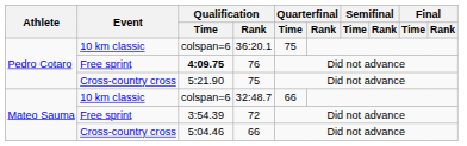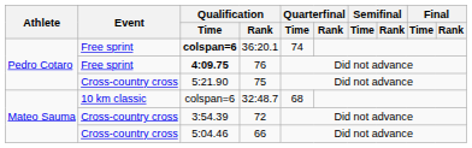 <table class="wikitable" style="font-size:90%">
 <tr>
 <th rowspan="2">Athlete</th>
 <th rowspan="2">Event</th>
 <th colspan="2">Qualification</th>
 <th colspan="2">Quarterfinal</th>
 <th colspan="2">Semifinal</th>
 <th colspan="2">Final</th>
 </tr>
 <tr style="font-size:95%">
 <th>Time</th>
 <th>Rank</th>
 <th>Time</th>
 <th>Rank</th>
 <th>Time</th>
 <th>Rank</th>
 <th>Time</th>
 <th>Rank</th>
 </tr>
 <tr align=center>
 <td align=left rowspan=3><a href='#'>Pedro Cotaro</a></td>
-<td align=left><a href='#'>10 km classic</a></td>
-<td>colspan=6 </td>
+<td align=left><a href='#'>Free sprint</a></td>
+<td><strong>colspan=6 </strong></td>
 <td>36:20.1</td>
-<td>75</td>
+<td>74</td>
 </tr>
 <tr align=center>
 <td align=left><a href='#'>Free sprint</a></td>
 <td><strong>4:09.75</strong></td>
 <td>76</td>
 <td colspan="6">Did not advance</td>
 </tr>
 <tr align=center>
 <td align=left><a href='#'>Cross-country cross</a></td>
 <td>5:21.90</td>
 <td>75</td>
 <td colspan="6">Did not advance</td>
 </tr>
 <tr align=center>
 <td align=left rowspan=3><a href='#'>Mateo Sauma</a></td>
 <td align=left><a href='#'>10 km classic</a></td>
 <td>colspan=6 </td>
 <td>32:48.7</td>
-<td>66</td>
+<td>68</td>
 </tr>
 <tr align=center>
-<td align=left><a href='#'>Free sprint</a></td>
+<td align=left><a href='#'>Cross-country cross</a></td>
 <td>3:54.39</td>
 <td>72</td>
 <td colspan="6">Did not advance</td>
 </tr>
 <tr align=center>
 <td align=left><a href='#'>Cross-country cross</a></td>
 <td>5:04.46</td>
 <td>66</td>
 <td colspan="6">Did not advance</td>
 </tr>
 </table>
